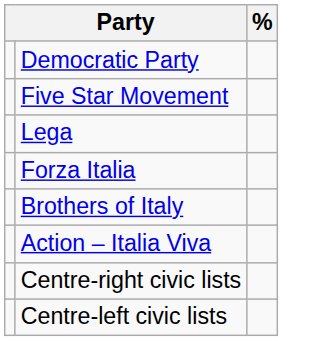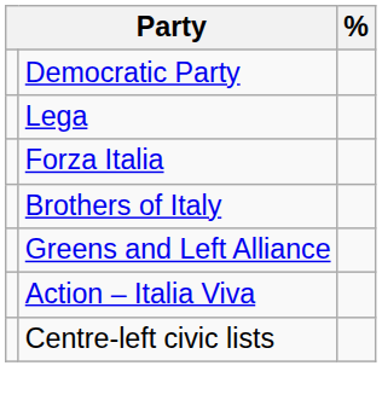 <table class="wikitable">
 <tr>
 <th colspan="2" style="text-align:center;">Party</th>
 <th valign=top>%</th>
 </tr>
 <tr>
 <td></td>
 <td><a href='#'>Democratic Party</a></td>
-<td align=right></td>
-</tr>
-<tr>
-<td></td>
-<td><a href='#'>Five Star Movement</a></td>
 <td align=right></td>
 </tr>
 <tr>
 <td></td>
 <td><a href='#'>Lega</a></td>
 <td align=right></td>
 </tr>
 <tr>
 <td></td>
 <td><a href='#'>Forza Italia</a></td>
 <td align=right></td>
 </tr>
 <tr>
 <td></td>
 <td><a href='#'>Brothers of Italy</a></td>
 <td align=right></td>
 </tr>
 <tr>
 <td></td>
-<td><a href='#'>Action – Italia Viva</a></td>
+<td><a href='#'>Greens and Left Alliance</a></td>
 <td align=right></td>
 </tr>
 <tr>
 <td></td>
-<td>Centre-right civic lists</td>
+<td><a href='#'>Action – Italia Viva</a></td>
 <td align=right></td>
 </tr>
 <tr>
 <td></td>
 <td>Centre-left civic lists</td>
 <td align=right></td>
 </tr>
 </table>
